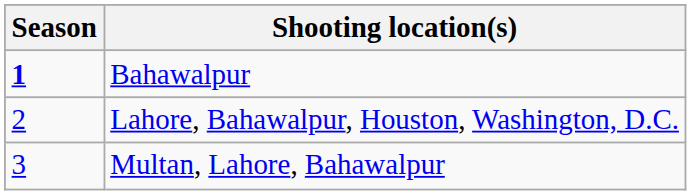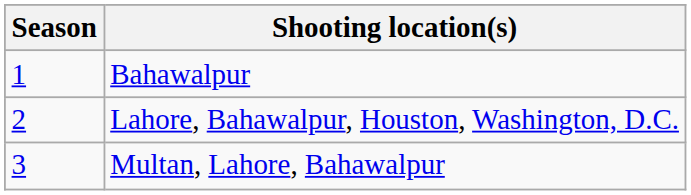 <table class="wikitable">
 <tr>
 <th>Season</th>
 <th>Shooting location(s)</th>
 </tr>
 <tr>
-<td><strong><a href='#'>1</a></strong></td>
+<td><a href='#'>1</a></td>
 <td> <a href='#'>Bahawalpur</a></td>
 </tr>
 <tr>
 <td><a href='#'>2</a></td>
 <td> <a href='#'>Lahore</a>, <a href='#'>Bahawalpur</a>,  <a href='#'>Houston</a>, <a href='#'>Washington, D.C.</a></td>
 </tr>
 <tr>
 <td><a href='#'>3</a></td>
 <td> <a href='#'>Multan</a>, <a href='#'>Lahore</a>, <a href='#'>Bahawalpur</a></td>
 </tr>
 </table>
